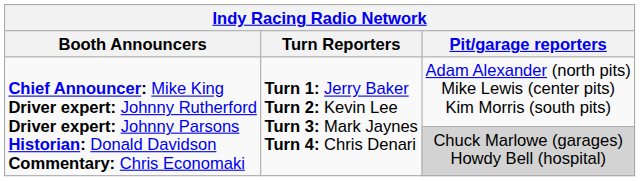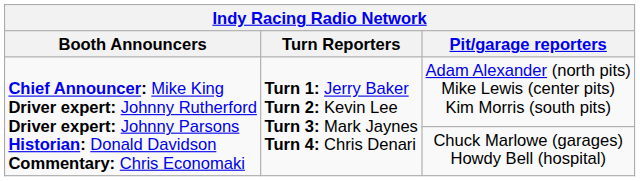 <table class="wikitable" style="font-size: 95%;">
 <tr>
 <th colspan=3><a href='#'>Indy Racing Radio Network</a></th>
 </tr>
 <tr>
 <th>Booth Announcers</th>
 <th>Turn Reporters</th>
 <th><a href='#'>Pit/garage reporters</a></th>
 </tr>
 <tr>
 <td valign="top" rowspan=2><br><strong><a href='#'>Chief Announcer</a>:</strong> <a href='#'>Mike King</a><br> <strong>Driver expert:</strong> <a href='#'>Johnny Rutherford</a><br> <strong>Driver expert:</strong> <a href='#'>Johnny Parsons</a><br> <strong><a href='#'>Historian</a>:</strong> <a href='#'>Donald Davidson</a><br> <strong>Commentary:</strong> <a href='#'>Chris Economaki</a><br></td>
 <td valign="top" rowspan=2><br><strong>Turn 1:</strong> <a href='#'>Jerry Baker</a><br> <strong>Turn 2:</strong> Kevin Lee<br> <strong>Turn 3:</strong> Mark Jaynes<br> <strong>Turn 4:</strong> Chris Denari<br></td>
 <td align="center" valign="top"><a href='#'>Adam Alexander</a> (north pits)<br>Mike Lewis (center pits)<br>Kim Morris (south pits)<br></td>
 </tr>
 <tr>
-<td align="center" valign="top" style="background: lightgrey;">Chuck Marlowe (garages)<br>Howdy Bell (hospital)<br></td>
+<td align="center" valign="top">Chuck Marlowe (garages)<br>Howdy Bell (hospital)<br></td>
 </tr>
 </table>
